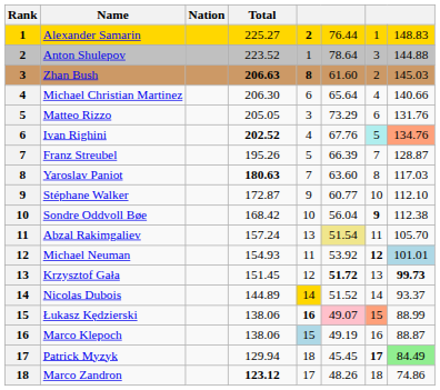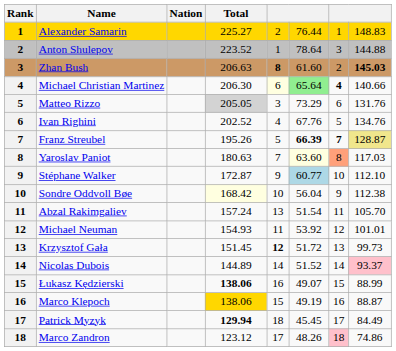 <table class="wikitable sortable">
 <tr>
 <th>Rank</th>
 <th>Name</th>
 <th>Nation</th>
 <th width="80px">Total</th>
 <th colspan="2" width="80px"></th>
 <th colspan="2" width="80px"></th>
 </tr>
 <tr bgcolor="gold">
 <td align="center"><strong>1</strong></td>
 <td><a href='#'>Alexander Samarin</a></td>
 <td></td>
 <td align="center">225.27</td>
-<td align="center"><strong>2</strong></td>
+<td align="center">2</td>
 <td align="center">76.44</td>
 <td align="center">1</td>
 <td align="center">148.83</td>
 </tr>
 <tr bgcolor="silver">
 <td align="center"><strong>2</strong></td>
 <td><a href='#'>Anton Shulepov</a></td>
 <td></td>
 <td align="center">223.52</td>
 <td align="center">1</td>
 <td align="center">78.64</td>
 <td align="center">3</td>
 <td align="center">144.88</td>
 </tr>
 <tr bgcolor="cc9966">
 <td align="center"><strong>3</strong></td>
 <td><a href='#'>Zhan Bush</a></td>
 <td></td>
-<td align="center"><strong>206.63</strong></td>
+<td align="center">206.63</td>
 <td align="center"><strong>8</strong></td>
 <td align="center">61.60</td>
 <td align="center">2</td>
-<td align="center">145.03</td>
+<td align="center"><strong>145.03</strong></td>
 </tr>
 <tr>
 <th>4</th>
 <td><a href='#'>Michael Christian Martinez</a></td>
 <td></td>
 <td align="center">206.30</td>
-<td align="center">6</td>
-<td align="center">65.64</td>
-<td align="center">4</td>
+<td align="center" style="background: lightyellow;">6</td>
+<td align="center" style="background: lightgreen;">65.64</td>
+<td align="center"><strong>4</strong></td>
 <td align="center">140.66</td>
 </tr>
 <tr>
 <th>5</th>
 <td><a href='#'>Matteo Rizzo</a></td>
 <td></td>
-<td align="center">205.05</td>
+<td align="center" style="background: lightgrey;">205.05</td>
 <td align="center">3</td>
 <td align="center">73.29</td>
 <td align="center">6</td>
 <td align="center">131.76</td>
 </tr>
 <tr>
 <th>6</th>
 <td><a href='#'>Ivan Righini</a></td>
 <td></td>
-<td align="center"><strong>202.52</strong></td>
+<td align="center">202.52</td>
 <td align="center">4</td>
 <td align="center">67.76</td>
-<td align="center" style="background: paleturquoise;">5</td>
-<td align="center" style="background: lightsalmon;">134.76</td>
+<td align="center">5</td>
+<td align="center">134.76</td>
 </tr>
 <tr>
 <th>7</th>
 <td><a href='#'>Franz Streubel</a></td>
 <td></td>
 <td align="center">195.26</td>
 <td align="center">5</td>
-<td align="center">66.39</td>
-<td align="center">7</td>
-<td align="center">128.87</td>
+<td align="center"><strong>66.39</strong></td>
+<td align="center"><strong>7</strong></td>
+<td align="center" style="background: khaki;">128.87</td>
 </tr>
 <tr>
 <th>8</th>
 <td><a href='#'>Yaroslav Paniot</a></td>
 <td></td>
-<td align="center"><strong>180.63</strong></td>
+<td align="center">180.63</td>
 <td align="center">7</td>
-<td align="center">63.60</td>
-<td align="center">8</td>
+<td align="center" style="background: lightyellow;">63.60</td>
+<td align="center" style="background: lightsalmon;">8</td>
 <td align="center">117.03</td>
 </tr>
 <tr>
 <th>9</th>
 <td><a href='#'>Stéphane Walker</a></td>
 <td></td>
 <td align="center">172.87</td>
 <td align="center">9</td>
-<td align="center">60.77</td>
+<td align="center" style="background: lightblue;">60.77</td>
 <td align="center">10</td>
 <td align="center">112.10</td>
 </tr>
 <tr>
 <th>10</th>
 <td><a href='#'>Sondre Oddvoll Bøe</a></td>
 <td></td>
-<td align="center">168.42</td>
+<td align="center" style="background: lightyellow;">168.42</td>
 <td align="center">10</td>
 <td align="center">56.04</td>
-<td align="center"><strong>9</strong></td>
+<td align="center">9</td>
 <td align="center">112.38</td>
 </tr>
 <tr>
 <th>11</th>
 <td><a href='#'>Abzal Rakimgaliev</a></td>
 <td></td>
 <td align="center">157.24</td>
 <td align="center">13</td>
-<td align="center" style="background: khaki;">51.54</td>
+<td align="center">51.54</td>
 <td align="center">11</td>
 <td align="center">105.70</td>
 </tr>
 <tr>
 <th>12</th>
 <td><a href='#'>Michael Neuman</a></td>
 <td></td>
 <td align="center">154.93</td>
 <td align="center">11</td>
 <td align="center">53.92</td>
-<td align="center"><strong>12</strong></td>
-<td align="center" style="background: lightblue;">101.01</td>
+<td align="center">12</td>
+<td align="center">101.01</td>
 </tr>
 <tr>
 <th>13</th>
 <td><a href='#'>Krzysztof Gała</a></td>
 <td></td>
 <td align="center">151.45</td>
-<td align="center">12</td>
-<td align="center"><strong>51.72</strong></td>
+<td align="center"><strong>12</strong></td>
+<td align="center">51.72</td>
 <td align="center">13</td>
-<td align="center"><strong>99.73</strong></td>
+<td align="center">99.73</td>
 </tr>
 <tr>
 <th>14</th>
 <td><a href='#'>Nicolas Dubois</a></td>
 <td></td>
 <td align="center">144.89</td>
-<td align="center" style="background: gold;">14</td>
+<td align="center">14</td>
 <td align="center">51.52</td>
 <td align="center">14</td>
-<td align="center">93.37</td>
+<td align="center" style="background: pink;">93.37</td>
 </tr>
 <tr>
 <th>15</th>
 <td><a href='#'>Łukasz Kędzierski</a></td>
 <td></td>
-<td align="center">138.06</td>
-<td align="center"><strong>16</strong></td>
-<td align="center" style="background: pink;">49.07</td>
-<td align="center" style="background: lightsalmon;">15</td>
+<td align="center"><strong>138.06</strong></td>
+<td align="center">16</td>
+<td align="center">49.07</td>
+<td align="center">15</td>
 <td align="center">88.99</td>
 </tr>
 <tr>
 <th>16</th>
 <td><a href='#'>Marco Klepoch</a></td>
 <td></td>
-<td align="center">138.06</td>
-<td align="center" style="background: lightblue;">15</td>
+<td align="center" style="background: gold;">138.06</td>
+<td align="center">15</td>
 <td align="center">49.19</td>
 <td align="center">16</td>
 <td align="center">88.87</td>
 </tr>
 <tr>
 <th>17</th>
 <td><a href='#'>Patrick Myzyk</a></td>
 <td></td>
-<td align="center">129.94</td>
+<td align="center"><strong>129.94</strong></td>
 <td align="center">18</td>
 <td align="center">45.45</td>
-<td align="center"><strong>17</strong></td>
-<td align="center" style="background: lightgreen;">84.49</td>
+<td align="center">17</td>
+<td align="center">84.49</td>
 </tr>
 <tr>
 <th>18</th>
 <td><a href='#'>Marco Zandron</a></td>
 <td></td>
-<td align="center"><strong>123.12</strong></td>
+<td align="center">123.12</td>
 <td align="center">17</td>
 <td align="center">48.26</td>
-<td align="center">18</td>
+<td align="center" style="background: pink;">18</td>
 <td align="center">74.86</td>
 </tr>
 </table>
